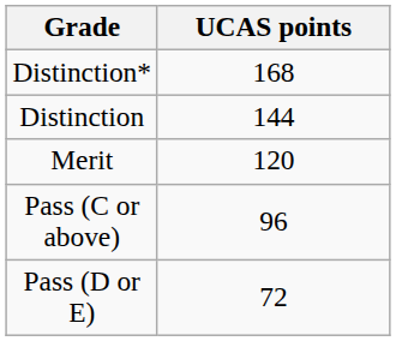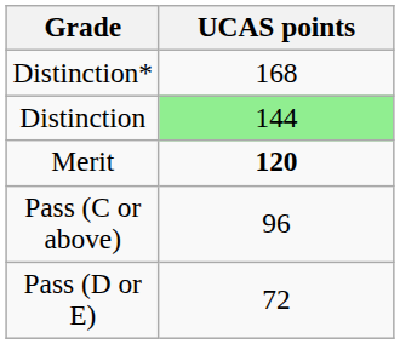 <table class="wikitable" border="1" style="text-align:center; margin-left:1em;">
 <tr>
 <th width="75">Grade</th>
 <th width="125">UCAS points</th>
 </tr>
 <tr>
 <td align="center">Distinction*</td>
 <td>168</td>
 </tr>
 <tr>
 <td align="center">Distinction</td>
-<td>144</td>
+<td style="background: lightgreen;">144</td>
 </tr>
 <tr>
 <td align="center">Merit</td>
-<td>120</td>
+<td><strong>120</strong></td>
 </tr>
 <tr>
 <td align="center">Pass (C or above)</td>
 <td>96</td>
 </tr>
 <tr>
 <td align="center">Pass (D or E)</td>
 <td>72</td>
 </tr>
 </table>
